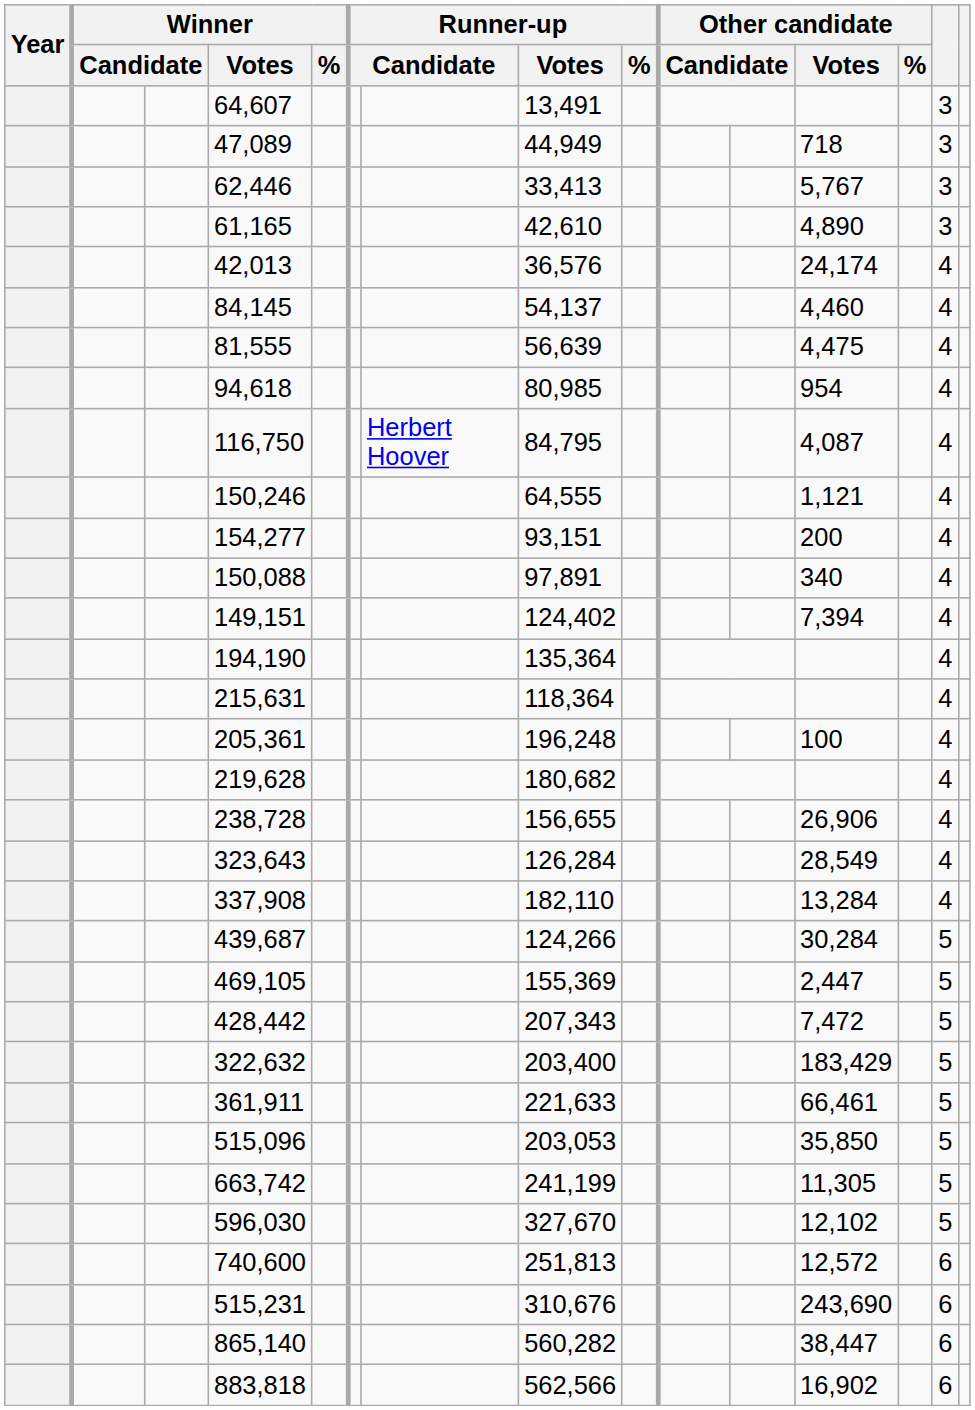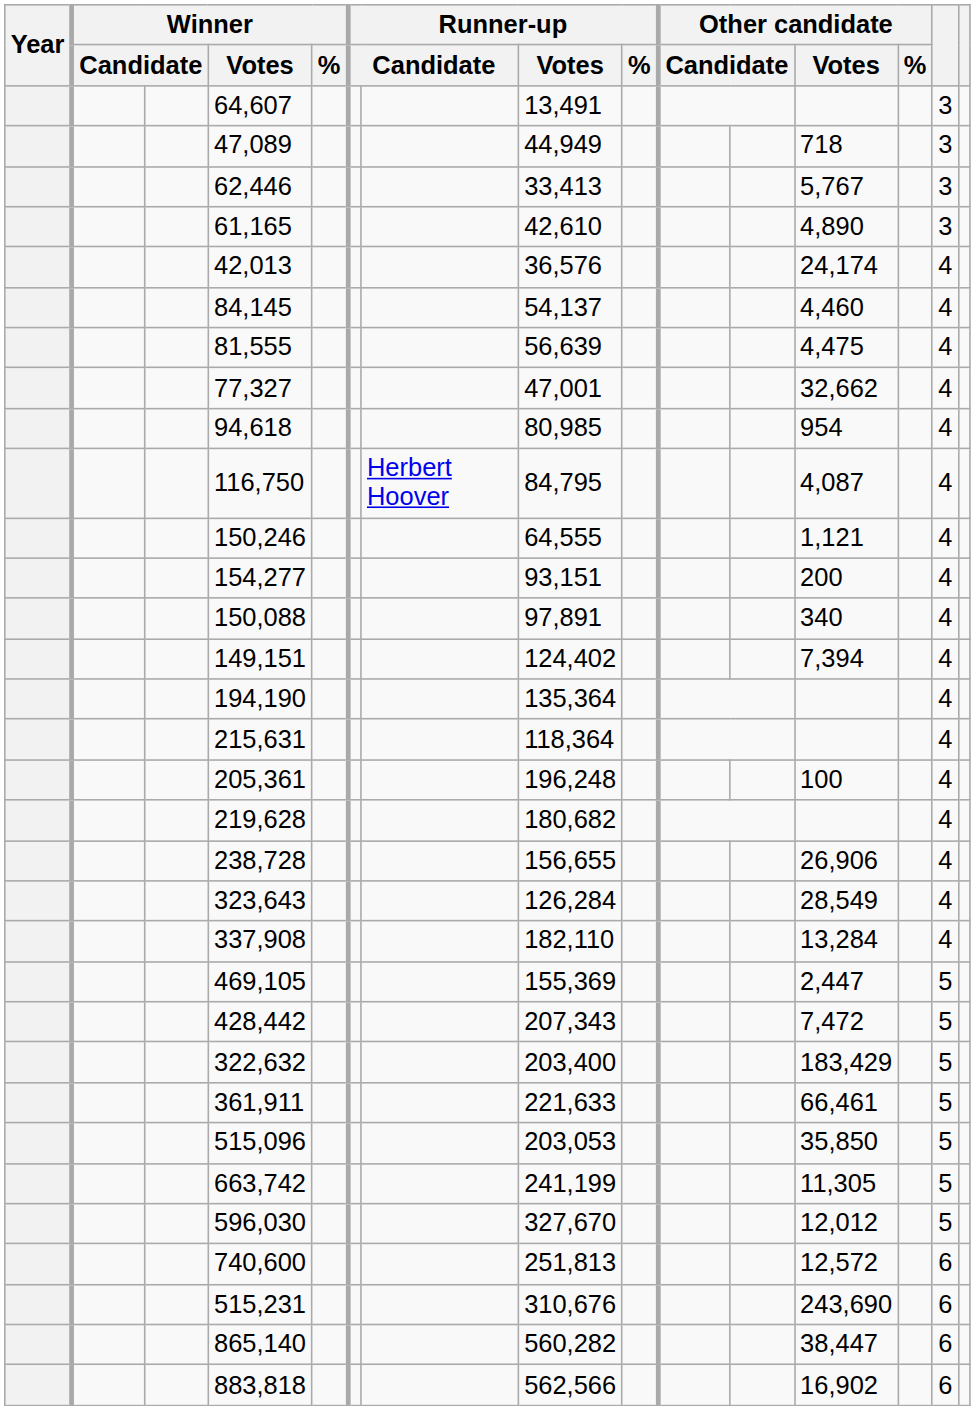 <table class="wikitable sortable">
 <tr>
 <th scope=col rowspan="2">Year</th>
 <th scope="col" style="border-left:3px solid darkgray;" colspan="4">Winner</th>
 <th scope="col" style="border-left:3px solid darkgray;" colspan="4">Runner-up</th>
 <th scope="col" style="border-left:3px solid darkgray;" colspan="4">Other candidate</th>
 <th scope="col" rowspan="2"></th>
 <th scope="col" class="unsortable" rowspan="2"></th>
 </tr>
 <tr>
 <th scope="col" style="border-left:3px solid darkgray;" colspan="2">Candidate</th>
 <th scope="col" data-sort-type="number">Votes</th>
 <th scope="col"  data-sort-type="number">%</th>
 <th scope="col" style="border-left:3px solid darkgray;" colspan="2">Candidate</th>
 <th scope="col"  data-sort-type="number">Votes</th>
 <th scope="col"  data-sort-type="number">%</th>
 <th scope="col"  scope="col" style="border-left:3px solid darkgray;" colspan="2">Candidate</th>
 <th scope="col"  data-sort-type="number">Votes</th>
 <th scope="col"  data-sort-type="number">%</th>
 </tr>
 <tr>
 <th scope="row"> </th>
 <td style="text-align:left; border-left:3px solid darkgray; background-color:"></td>
 <td><strong></strong> </td>
 <td>64,607</td>
 <td></td>
 <td style="text-align:left; border-left:3px solid darkgray; background-color:"></td>
 <td>  </td>
 <td>13,491</td>
 <td></td>
 <td colspan="2" style="text-align:left; border-left:3px solid darkgray;"></td>
 <td></td>
 <td></td>
 <td>3</td>
 <td></td>
 </tr>
 <tr>
 <th scope="row"> </th>
 <td style="text-align:left; border-left:3px solid darkgray; background-color:"></td>
 <td><strong></strong>  </td>
 <td>47,089</td>
 <td></td>
 <td style="text-align:left; border-left:3px solid darkgray; background-color:"></td>
 <td> </td>
 <td>44,949</td>
 <td></td>
 <td style="text-align:left; border-left:3px solid darkgray; background-color:"></td>
 <td> </td>
 <td>718</td>
 <td></td>
 <td>3</td>
 <td></td>
 </tr>
 <tr>
 <th scope="row"> </th>
 <td style="text-align:left; border-left:3px solid darkgray; background-color:"></td>
 <td><strong></strong> </td>
 <td>62,446</td>
 <td></td>
 <td style="text-align:left; border-left:3px solid darkgray; background-color:"></td>
 <td> </td>
 <td>33,413</td>
 <td></td>
 <td style="text-align:left; border-left:3px solid darkgray; background-color:"></td>
 <td> </td>
 <td>5,767</td>
 <td></td>
 <td>3</td>
 <td></td>
 </tr>
 <tr>
 <th scope="row"> </th>
 <td style="text-align:left; border-left:3px solid darkgray; background-color:"></td>
 <td><strong></strong> </td>
 <td>61,165</td>
 <td></td>
 <td style="text-align:left; border-left:3px solid darkgray; background-color:"></td>
 <td> </td>
 <td>42,610</td>
 <td></td>
 <td style="text-align:left; border-left:3px solid darkgray; background-color:"></td>
 <td> </td>
 <td>4,890</td>
 <td></td>
 <td>3</td>
 <td></td>
 </tr>
 <tr>
 <th scope="row"> </th>
 <td style="text-align:left; border-left:3px solid darkgray; background-color:"></td>
 <td><strong></strong> </td>
 <td>42,013</td>
 <td></td>
 <td style="text-align:left; border-left:3px solid darkgray; background-color:"></td>
 <td> </td>
 <td>36,576</td>
 <td></td>
 <td style="text-align:left; border-left:3px solid darkgray; background-color:"></td>
 <td> </td>
 <td>24,174</td>
 <td></td>
 <td>4</td>
 <td></td>
 </tr>
 <tr>
 <th scope="row"> </th>
 <td style="text-align:left; border-left:3px solid darkgray; background-color:"></td>
 <td><strong></strong> </td>
 <td>84,145</td>
 <td></td>
 <td style="text-align:left; border-left:3px solid darkgray; background-color:"></td>
 <td> </td>
 <td>54,137</td>
 <td></td>
 <td style="text-align:left; border-left:3px solid darkgray; background-color:"></td>
 <td> </td>
 <td>4,460</td>
 <td></td>
 <td>4</td>
 <td></td>
 </tr>
 <tr>
 <th scope="row"> </th>
 <td style="text-align:left; border-left:3px solid darkgray; background-color:"></td>
 <td><strong></strong>  </td>
 <td>81,555</td>
 <td></td>
 <td style="text-align:left; border-left:3px solid darkgray; background-color:"></td>
 <td> </td>
 <td>56,639</td>
 <td></td>
 <td style="text-align:left; border-left:3px solid darkgray; background-color:"></td>
 <td> </td>
 <td>4,475</td>
+<td></td>
+<td>4</td>
+<td></td>
+</tr>
+<tr>
+<th scope="row"> </th>
+<td style="text-align:left; border-left:3px solid darkgray; background-color:"></td>
+<td><strong></strong>  </td>
+<td>77,327</td>
+<td></td>
+<td style="text-align:left; border-left:3px solid darkgray; background-color:"></td>
+<td> </td>
+<td>47,001</td>
+<td></td>
+<td style="text-align:left; border-left:3px solid darkgray; background-color:"></td>
+<td> </td>
+<td>32,662</td>
 <td></td>
 <td>4</td>
 <td></td>
 </tr>
 <tr>
 <th scope="row"> </th>
 <td style="text-align:left; border-left:3px solid darkgray; background-color:"></td>
 <td><strong></strong> </td>
 <td>94,618</td>
 <td></td>
 <td style="text-align:left; border-left:3px solid darkgray; background-color:"></td>
 <td> </td>
 <td>80,985</td>
 <td></td>
 <td style="text-align:left; border-left:3px solid darkgray; background-color:"></td>
 <td> </td>
 <td>954</td>
 <td></td>
 <td>4</td>
 <td></td>
 </tr>
 <tr>
 <th scope="row"> </th>
 <td style="text-align:left; border-left:3px solid darkgray; background-color:"></td>
 <td><strong></strong> </td>
 <td>116,750</td>
 <td></td>
 <td style="text-align:left; border-left:3px solid darkgray; background-color:"></td>
 <td><a href='#'>Herbert Hoover</a> </td>
 <td>84,795</td>
 <td></td>
 <td style="text-align:left; border-left:3px solid darkgray; background-color:"></td>
 <td> </td>
 <td>4,087</td>
 <td></td>
 <td>4</td>
 <td></td>
 </tr>
 <tr>
 <th scope="row"> </th>
 <td style="text-align:left; border-left:3px solid darkgray; background-color:"></td>
 <td><strong></strong> </td>
 <td>150,246</td>
 <td></td>
 <td style="text-align:left; border-left:3px solid darkgray; background-color:"></td>
 <td> </td>
 <td>64,555</td>
 <td></td>
 <td style="text-align:left; border-left:3px solid darkgray; background-color:"></td>
 <td> </td>
 <td>1,121</td>
 <td></td>
 <td>4</td>
 <td></td>
 </tr>
 <tr>
 <th scope="row"></th>
 <td style="text-align:left; border-left:3px solid darkgray; background-color:"></td>
 <td><strong></strong> </td>
 <td>154,277</td>
 <td></td>
 <td style="text-align:left; border-left:3px solid darkgray; background-color:"></td>
 <td> </td>
 <td>93,151</td>
 <td></td>
 <td style="text-align:left; border-left:3px solid darkgray; background-color:"></td>
 <td> </td>
 <td>200</td>
 <td></td>
 <td>4</td>
 <td></td>
 </tr>
 <tr>
 <th scope="row"> </th>
 <td style="text-align:left; border-left:3px solid darkgray; background-color:"></td>
 <td><strong></strong> </td>
 <td>150,088</td>
 <td></td>
 <td style="text-align:left; border-left:3px solid darkgray; background-color:"></td>
 <td> </td>
 <td>97,891</td>
 <td></td>
 <td style="text-align:left; border-left:3px solid darkgray; background-color:"></td>
 <td> </td>
 <td>340</td>
 <td></td>
 <td>4</td>
 <td></td>
 </tr>
 <tr>
 <th scope="row"> </th>
 <td style="text-align:left; border-left:3px solid darkgray; background-color:"></td>
 <td><strong></strong>  </td>
 <td>149,151</td>
 <td></td>
 <td style="text-align:left; border-left:3px solid darkgray; background-color:"></td>
 <td> </td>
 <td>124,402</td>
 <td></td>
 <td style="text-align:left; border-left:3px solid darkgray; background-color:"></td>
 <td> </td>
 <td>7,394</td>
 <td></td>
 <td>4</td>
 <td></td>
 </tr>
 <tr>
 <th scope="row"> </th>
 <td style="text-align:left; border-left:3px solid darkgray; background-color:"></td>
 <td><strong></strong>  </td>
 <td>194,190</td>
 <td></td>
 <td style="text-align:left; border-left:3px solid darkgray; background-color:"></td>
 <td> </td>
 <td>135,364</td>
 <td></td>
 <td colspan="2" style="text-align:left; border-left:3px solid darkgray;"></td>
 <td></td>
 <td></td>
 <td>4</td>
 <td></td>
 </tr>
 <tr>
 <th scope="row"> </th>
 <td style="text-align:left; border-left:3px solid darkgray; background-color:"></td>
 <td><strong></strong>  </td>
 <td>215,631</td>
 <td></td>
 <td style="text-align:left; border-left:3px solid darkgray; background-color:"></td>
 <td> </td>
 <td>118,364</td>
 <td></td>
 <td colspan="2" style="text-align:left; border-left:3px solid darkgray;"></td>
 <td></td>
 <td></td>
 <td>4</td>
 <td></td>
 </tr>
 <tr>
 <th scope="row"> </th>
 <td style="text-align:left; border-left:3px solid darkgray; background-color:"></td>
 <td><strong></strong> </td>
 <td>205,361</td>
 <td></td>
 <td style="text-align:left; border-left:3px solid darkgray; background-color:"></td>
 <td>  </td>
 <td>196,248</td>
 <td></td>
 <td style="text-align:left; border-left:3px solid darkgray; background-color:"></td>
 <td> </td>
 <td>100</td>
 <td></td>
 <td>4</td>
 <td></td>
 </tr>
 <tr>
 <th scope="row"> </th>
 <td style="text-align:left; border-left:3px solid darkgray; background-color:"></td>
 <td><strong></strong>  </td>
 <td>219,628</td>
 <td></td>
 <td style="text-align:left; border-left:3px solid darkgray; background-color:"></td>
 <td> </td>
 <td>180,682</td>
 <td></td>
 <td colspan="2" style="text-align:left; border-left:3px solid darkgray;"></td>
 <td></td>
 <td></td>
 <td>4</td>
 <td></td>
 </tr>
 <tr>
 <th scope="row"> </th>
 <td style="text-align:left; border-left:3px solid darkgray; background-color:"></td>
 <td><strong></strong>  </td>
 <td>238,728</td>
 <td></td>
 <td style="text-align:left; border-left:3px solid darkgray; background-color:"></td>
 <td> </td>
 <td>156,655</td>
 <td></td>
 <td style="text-align:left; border-left:3px solid darkgray; background-color:"></td>
 <td> </td>
 <td>26,906</td>
 <td></td>
 <td>4</td>
 <td></td>
 </tr>
 <tr>
 <th scope="row"> </th>
 <td style="text-align:left; border-left:3px solid darkgray; background-color:"></td>
 <td><strong></strong>  </td>
 <td>323,643</td>
 <td></td>
 <td style="text-align:left; border-left:3px solid darkgray; background-color:"></td>
 <td> </td>
 <td>126,284</td>
 <td></td>
 <td style="text-align:left; border-left:3px solid darkgray; background-color:"></td>
 <td> </td>
 <td>28,549</td>
 <td></td>
 <td>4</td>
 <td></td>
 </tr>
 <tr>
 <th scope="row"> </th>
 <td style="text-align:left; border-left:3px solid darkgray; background-color:"></td>
 <td><strong></strong> </td>
 <td>337,908</td>
 <td></td>
 <td style="text-align:left; border-left:3px solid darkgray; background-color:"></td>
 <td>  </td>
 <td>182,110</td>
 <td></td>
 <td style="text-align:left; border-left:3px solid darkgray; background:"></td>
 <td> </td>
 <td>13,284</td>
 <td></td>
 <td>4</td>
 <td></td>
 </tr>
 <tr>
 <th scope="row"> </th>
 <td style="text-align:left; border-left:3px solid darkgray; background-color:"></td>
 <td><strong></strong>  </td>
-<td>439,687</td>
-<td></td>
-<td style="text-align:left; border-left:3px solid darkgray; background-color:"></td>
-<td> </td>
-<td>124,266</td>
-<td></td>
-<td style="text-align:left; border-left:3px solid darkgray; background-color:"></td>
-<td> </td>
-<td>30,284</td>
-<td></td>
-<td>5</td>
-<td></td>
-</tr>
-<tr>
-<th scope="row"> </th>
-<td style="text-align:left; border-left:3px solid darkgray; background-color:"></td>
-<td><strong></strong>  </td>
 <td>469,105</td>
 <td></td>
 <td style="text-align:left; border-left:3px solid darkgray; background-color:"></td>
 <td> </td>
 <td>155,369</td>
 <td></td>
 <td style="text-align:left; border-left:3px solid darkgray; background-color:"></td>
 <td> </td>
 <td>2,447</td>
 <td></td>
 <td>5</td>
 <td></td>
 </tr>
 <tr>
 <th scope="row"> </th>
 <td style="text-align:left; border-left:3px solid darkgray; background-color:"></td>
 <td><strong></strong>  </td>
 <td>428,442</td>
 <td></td>
 <td style="text-align:left; border-left:3px solid darkgray; background-color:"></td>
 <td> </td>
 <td>207,343</td>
 <td></td>
 <td style="text-align:left; border-left:3px solid darkgray; background-color:"></td>
 <td> </td>
 <td>7,472</td>
 <td></td>
 <td>5</td>
 <td></td>
 </tr>
 <tr>
 <th scope="row"> </th>
 <td style="text-align:left; border-left:3px solid darkgray; background-color:"></td>
 <td><strong></strong> </td>
 <td>322,632</td>
 <td></td>
 <td style="text-align:left; border-left:3px solid darkgray; background-color:"></td>
 <td> </td>
 <td>203,400</td>
 <td></td>
 <td style="text-align:left; border-left:3px solid darkgray; background-color:"></td>
 <td>  </td>
 <td>183,429</td>
 <td></td>
 <td>5</td>
 <td></td>
 </tr>
 <tr>
 <th scope="row"> </th>
 <td style="text-align:left; border-left:3px solid darkgray; background-color:"></td>
 <td><strong></strong> </td>
 <td>361,911</td>
 <td></td>
 <td style="text-align:left; border-left:3px solid darkgray; background-color:"></td>
 <td>  </td>
 <td>221,633</td>
 <td></td>
 <td style="text-align:left; border-left:3px solid darkgray; background-color:"></td>
 <td> </td>
 <td>66,461</td>
 <td></td>
 <td>5</td>
 <td></td>
 </tr>
 <tr>
 <th scope="row"> </th>
 <td style="text-align:left; border-left:3px solid darkgray; background-color:"></td>
 <td><strong></strong>  </td>
 <td>515,096</td>
 <td></td>
 <td style="text-align:left; border-left:3px solid darkgray; background-color:"></td>
 <td> </td>
 <td>203,053</td>
 <td></td>
 <td style="text-align:left; border-left:3px solid darkgray; background-color:"></td>
 <td> </td>
 <td>35,850</td>
 <td></td>
 <td>5</td>
 <td></td>
 </tr>
 <tr>
 <th scope="row"> </th>
 <td style="text-align:left; border-left:3px solid darkgray; background-color:"></td>
 <td><strong></strong> </td>
 <td>663,742</td>
 <td></td>
 <td style="text-align:left; border-left:3px solid darkgray; background-color:"></td>
 <td> </td>
 <td>241,199</td>
 <td></td>
 <td style="text-align:left; border-left:3px solid darkgray; background-color:"></td>
 <td> </td>
 <td>11,305</td>
 <td></td>
 <td>5</td>
 <td></td>
 </tr>
 <tr>
 <th scope="row"> </th>
 <td style="text-align:left; border-left:3px solid darkgray; background-color:"></td>
 <td><strong></strong> </td>
 <td>596,030</td>
 <td></td>
 <td style="text-align:left; border-left:3px solid darkgray; background-color:"></td>
 <td> </td>
 <td>327,670</td>
 <td></td>
 <td style="text-align:left; border-left:3px solid darkgray; background-color:"></td>
 <td> </td>
-<td>12,102</td>
+<td>12,012</td>
 <td></td>
 <td>5</td>
 <td></td>
 </tr>
 <tr>
 <th scope="row"> </th>
 <td style="text-align:left; border-left:3px solid darkgray; background-color:"></td>
 <td><strong></strong> </td>
 <td>740,600</td>
 <td></td>
 <td style="text-align:left; border-left:3px solid darkgray; background-color:"></td>
 <td> </td>
 <td>251,813</td>
 <td></td>
 <td style="text-align:left; border-left:3px solid darkgray; background-color:"></td>
 <td> </td>
 <td>12,572</td>
 <td></td>
 <td>6</td>
 <td></td>
 </tr>
 <tr>
 <th scope="row"> </th>
 <td style="text-align:left; border-left:3px solid darkgray; background-color:"></td>
 <td><strong></strong> </td>
 <td>515,231</td>
 <td></td>
 <td style="text-align:left; border-left:3px solid darkgray; background-color:"></td>
 <td> </td>
 <td>310,676</td>
 <td></td>
 <td style="text-align:left; border-left:3px solid darkgray; background-color:"></td>
 <td> </td>
 <td>243,690</td>
 <td></td>
 <td>6</td>
 <td></td>
 </tr>
 <tr>
 <th scope="row"> </th>
 <td style="text-align:left; border-left:3px solid darkgray; background-color:"></td>
 <td><strong></strong> </td>
 <td>865,140</td>
 <td></td>
 <td style="text-align:left; border-left:3px solid darkgray; background-color:"></td>
 <td> </td>
 <td>560,282</td>
 <td></td>
 <td style="text-align:left; border-left:3px solid darkgray; background-color:"></td>
 <td> </td>
 <td>38,447</td>
 <td></td>
 <td>6</td>
 <td></td>
 </tr>
 <tr>
 <th scope="row"> </th>
 <td style="text-align:left; border-left:3px solid darkgray; background-color:"></td>
 <td><strong></strong> </td>
 <td>883,818</td>
 <td></td>
 <td style="text-align:left; border-left:3px solid darkgray; background-color:"></td>
 <td> </td>
 <td>562,566</td>
 <td></td>
 <td style="text-align:left; border-left:3px solid darkgray; background-color:"></td>
 <td> </td>
 <td>16,902</td>
 <td></td>
 <td>6</td>
 <td></td>
 </tr>
 </table>
